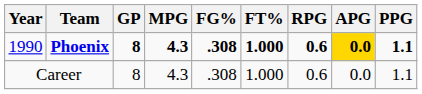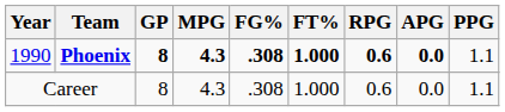 <table class="wikitable sortable" style="font-size:95%; text-align:right;">
 <tr>
 <th>Year</th>
 <th>Team</th>
 <th>GP</th>
 <th>MPG</th>
 <th>FG%</th>
 <th>FT%</th>
 <th>RPG</th>
 <th>APG</th>
 <th>PPG</th>
 </tr>
 <tr>
 <td style="text-align:left;"><a href='#'>1990</a></td>
 <td style="text-align:left;"><strong><a href='#'>Phoenix</a></strong></td>
 <td><strong>8</strong></td>
 <td><strong>4.3</strong></td>
 <td><strong>.308</strong></td>
 <td><strong>1.000</strong></td>
 <td><strong>0.6</strong></td>
-<td style="background: gold;"><strong>0.0</strong></td>
-<td><strong>1.1</strong></td>
+<td><strong>0.0</strong></td>
+<td>1.1</td>
 </tr>
 <tr>
 </tr>
 <tr class="sortbottom">
 <td style="text-align:center;" colspan="2">Career</td>
 <td>8</td>
 <td>4.3</td>
 <td>.308</td>
 <td>1.000</td>
 <td>0.6</td>
 <td>0.0</td>
 <td>1.1</td>
 </tr>
 <tr>
 </tr>
 </table>
